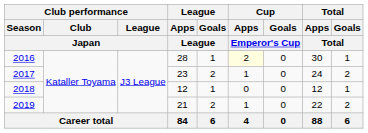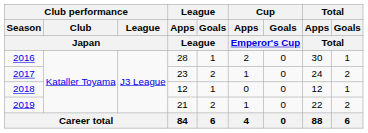 <table class="wikitable" style="text-align:center">
 <tr>
 <th colspan=3>Club performance</th>
 <th colspan=2>League</th>
 <th colspan=2>Cup</th>
 <th colspan=2>Total</th>
 </tr>
 <tr>
 <th>Season</th>
 <th>Club</th>
 <th>League</th>
 <th>Apps</th>
 <th>Goals</th>
 <th>Apps</th>
 <th>Goals</th>
 <th>Apps</th>
 <th>Goals</th>
 </tr>
 <tr>
 <th colspan=3>Japan</th>
 <th colspan=2>League</th>
 <th colspan=2><a href='#'>Emperor's Cup</a></th>
 <th colspan=2>Total</th>
 </tr>
 <tr>
 <td><a href='#'>2016</a></td>
 <td rowspan="4"><a href='#'>Kataller Toyama</a></td>
 <td rowspan="4"><a href='#'>J3 League</a></td>
 <td>28</td>
 <td>1</td>
-<td style="background: lightyellow;">2</td>
+<td>2</td>
 <td>0</td>
 <td>30</td>
 <td>1</td>
 </tr>
 <tr>
 <td><a href='#'>2017</a></td>
 <td>23</td>
 <td>2</td>
 <td>1</td>
 <td>0</td>
 <td>24</td>
 <td>2</td>
 </tr>
 <tr>
 <td><a href='#'>2018</a></td>
 <td>12</td>
 <td>1</td>
 <td>0</td>
 <td>0</td>
 <td>12</td>
 <td>1</td>
 </tr>
 <tr>
 <td><a href='#'>2019</a></td>
 <td>21</td>
 <td>2</td>
 <td>1</td>
 <td>0</td>
 <td>22</td>
 <td>2</td>
 </tr>
 <tr>
 <th colspan=3>Career total</th>
 <th>84</th>
 <th>6</th>
 <th>4</th>
 <th>0</th>
 <th>88</th>
 <th>6</th>
 </tr>
 </table>
